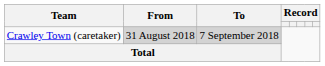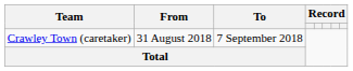 <table class=wikitable style="text-align: center">
 <tr>
 <th rowspan=2>Team</th>
 <th rowspan=2>From</th>
 <th rowspan=2>To</th>
 <th colspan=5>Record</th>
 </tr>
 <tr>
 <th></th>
 <th></th>
 <th></th>
 <th></th>
 <th></th>
 </tr>
 <tr>
 <td align=left><a href='#'>Crawley Town</a> (caretaker)</td>
-<td align=left style="background: lightgrey;">31 August 2018</td>
-<td align=left style="background: lightgrey;">7 September 2018<br></td>
+<td align=left>31 August 2018</td>
+<td align=left>7 September 2018<br></td>
 </tr>
 <tr>
 <th colspan=3>Total<br></th>
 </tr>
 </table>
